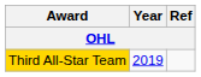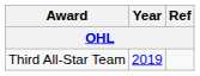 <table class="wikitable">
 <tr>
 <th>Award</th>
 <th>Year</th>
 <th>Ref</th>
 </tr>
 <tr>
 <th colspan="3"><a href='#'>OHL</a></th>
 </tr>
 <tr>
-<td style="background: gold;">Third All-Star Team</td>
+<td>Third All-Star Team</td>
 <td><a href='#'>2019</a></td>
 <td></td>
 </tr>
 </table>
